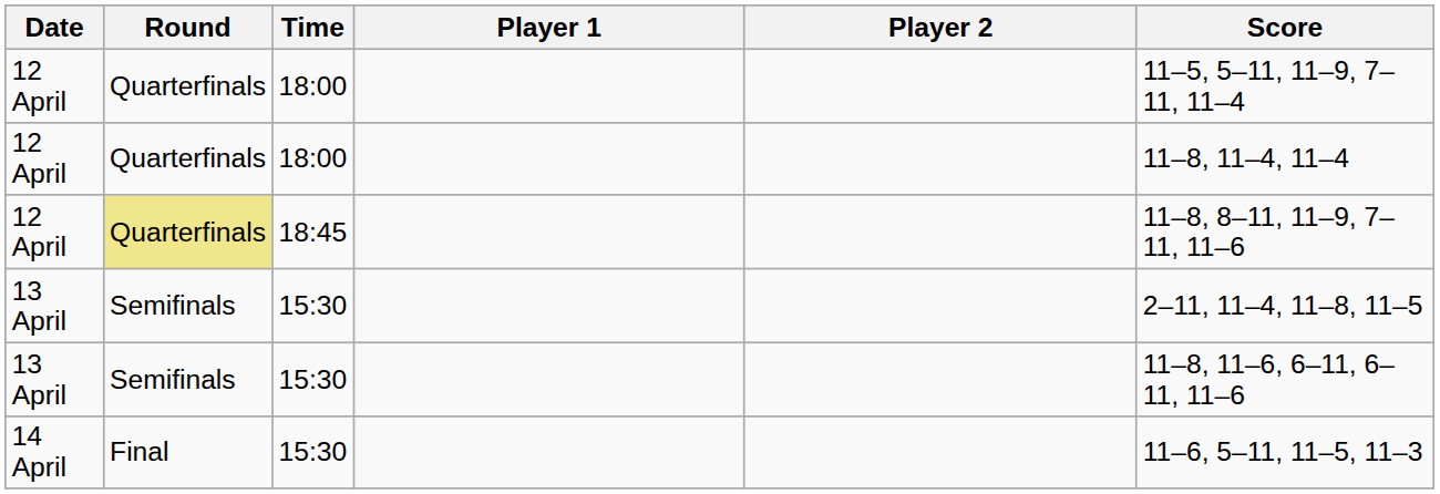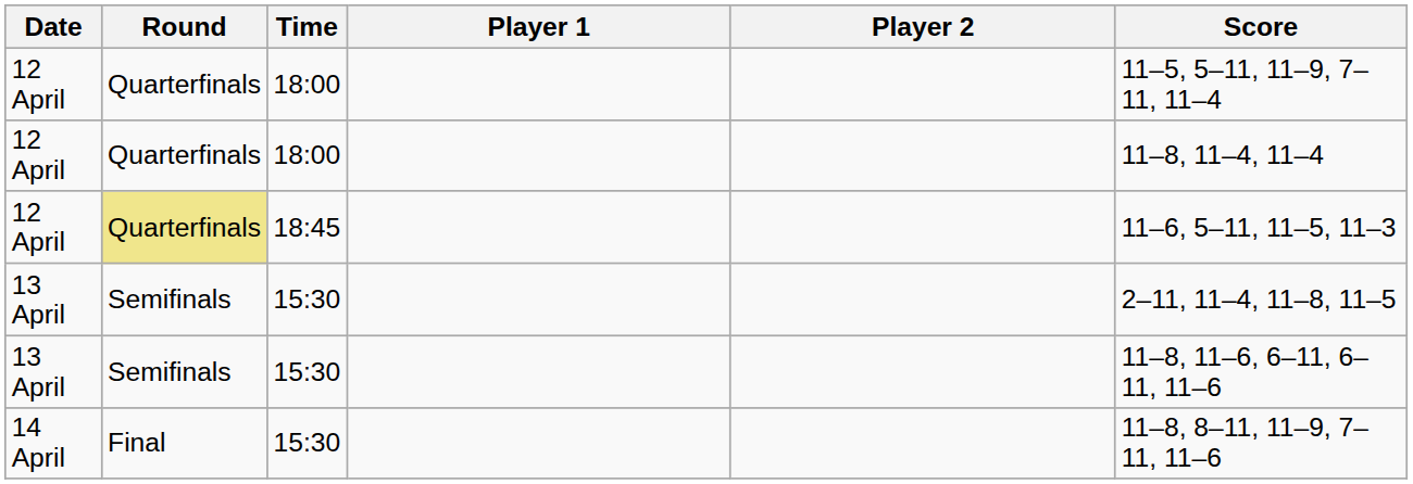 <table class="sortable wikitable" style="font-size:90%">
 <tr>
 <th width="45" class="unsortable">Date</th>
 <th width="55">Round</th>
 <th width="30">Time</th>
 <th width="200">Player 1</th>
 <th width="200">Player 2</th>
 <th width="150" class="unsortable">Score</th>
 </tr>
 <tr>
 <td>12 April</td>
 <td>Quarterfinals</td>
 <td>18:00</td>
 <td><strong></strong></td>
 <td></td>
 <td>11–5, 5–11, 11–9, 7–11, 11–4</td>
 </tr>
 <tr>
 <td>12 April</td>
 <td>Quarterfinals</td>
 <td>18:00</td>
 <td><strong></strong></td>
 <td></td>
 <td>11–8, 11–4, 11–4</td>
 </tr>
 <tr>
 <td>12 April</td>
 <td style="background: khaki;">Quarterfinals</td>
 <td>18:45</td>
 <td></td>
 <td><strong></strong></td>
-<td>11–8, 8–11, 11–9, 7–11, 11–6</td>
+<td>11–6, 5–11, 11–5, 11–3</td>
 </tr>
 <tr>
 <td>13 April</td>
 <td>Semifinals</td>
 <td>15:30</td>
 <td></td>
 <td><strong></strong></td>
 <td>2–11, 11–4, 11–8, 11–5</td>
 </tr>
 <tr>
 <td>13 April</td>
 <td>Semifinals</td>
 <td>15:30</td>
 <td><strong></strong></td>
 <td></td>
 <td>11–8, 11–6, 6–11, 6–11, 11–6</td>
 </tr>
 <tr>
 <td>14 April</td>
 <td>Final</td>
 <td>15:30</td>
 <td><strong></strong></td>
 <td></td>
-<td>11–6, 5–11, 11–5, 11–3</td>
+<td>11–8, 8–11, 11–9, 7–11, 11–6</td>
 </tr>
 </table>
